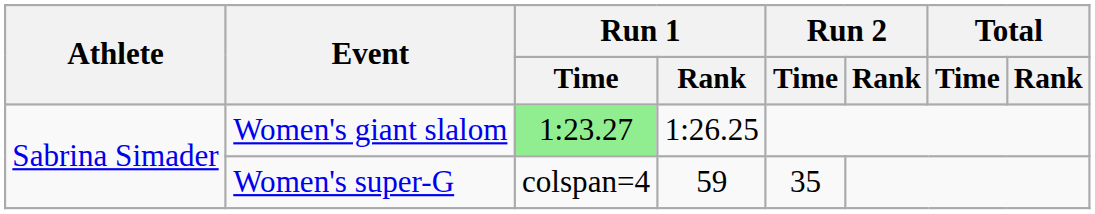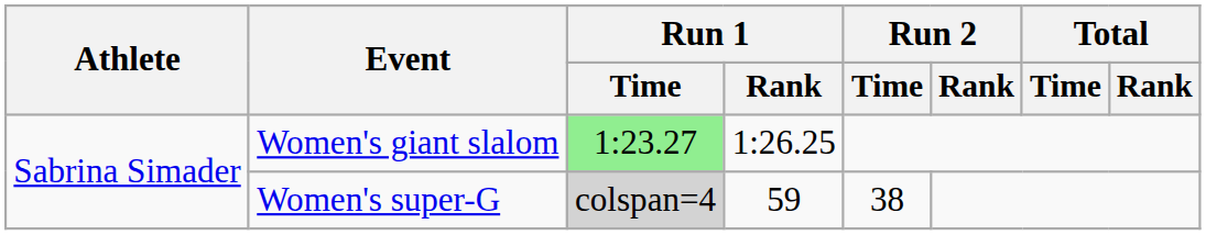 <table class="wikitable" style="font-size:90%">
 <tr>
 <th rowspan=2>Athlete</th>
 <th rowspan=2>Event</th>
 <th colspan=2>Run 1</th>
 <th colspan=2>Run 2</th>
 <th colspan=2>Total</th>
 </tr>
 <tr style="font-size:95%">
 <th>Time</th>
 <th>Rank</th>
 <th>Time</th>
 <th>Rank</th>
 <th>Time</th>
 <th>Rank</th>
 </tr>
 <tr align=center>
 <td align="left" rowspan="2"><a href='#'>Sabrina Simader</a></td>
 <td align="left"><a href='#'>Women's giant slalom</a></td>
 <td style="background: lightgreen;">1:23.27</td>
 <td>1:26.25</td>
 <td colspan=4></td>
 </tr>
 <tr align=center>
 <td align="left"><a href='#'>Women's super-G</a></td>
-<td>colspan=4 </td>
+<td style="background: lightgrey;">colspan=4 </td>
 <td>59</td>
-<td>35</td>
+<td>38</td>
 </tr>
 </table>
